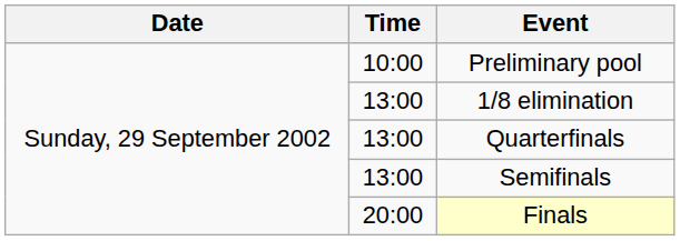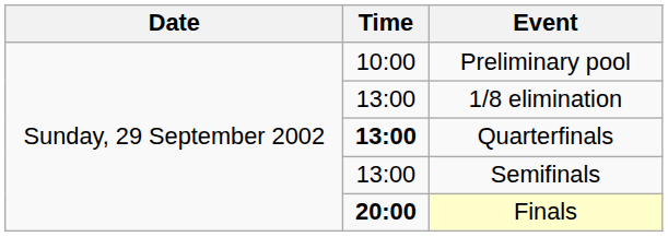 <table class = "wikitable" style="text-align:center;">
 <tr>
 <th width=220>Date</th>
 <th width=50>Time</th>
 <th width=150>Event</th>
 </tr>
 <tr>
 <td rowspan=5>Sunday, 29 September 2002</td>
 <td>10:00</td>
 <td>Preliminary pool</td>
 </tr>
 <tr>
 <td>13:00</td>
 <td>1/8 elimination</td>
 </tr>
 <tr>
-<td>13:00</td>
+<td><strong>13:00</strong></td>
 <td>Quarterfinals</td>
 </tr>
 <tr>
 <td>13:00</td>
 <td>Semifinals</td>
 </tr>
 <tr>
-<td>20:00</td>
+<td><strong>20:00</strong></td>
 <td bgcolor=ffffcc>Finals</td>
 </tr>
 </table>
